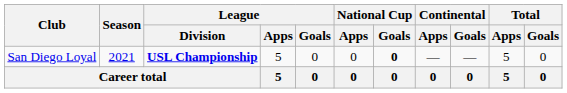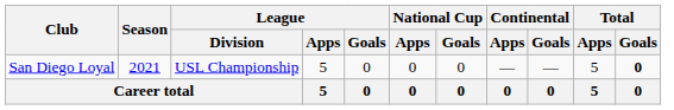 <table class=wikitable style=text-align:center>
 <tr>
 <th rowspan=2>Club</th>
 <th rowspan=2>Season</th>
 <th colspan=3>League</th>
 <th colspan=2>National Cup</th>
 <th colspan=2>Continental</th>
 <th colspan=2>Total</th>
 </tr>
 <tr>
 <th>Division</th>
 <th>Apps</th>
 <th>Goals</th>
 <th>Apps</th>
 <th>Goals</th>
 <th>Apps</th>
 <th>Goals</th>
 <th>Apps</th>
 <th>Goals</th>
 </tr>
 <tr>
 <td rowspan=1><a href='#'>San Diego Loyal</a></td>
 <td><a href='#'>2021</a></td>
-<td><strong><a href='#'>USL Championship</a></strong></td>
+<td><a href='#'>USL Championship</a></td>
 <td>5</td>
 <td>0</td>
 <td>0</td>
-<td><strong>0</strong></td>
+<td>0</td>
 <td>—</td>
 <td>—</td>
 <td>5</td>
-<td>0</td>
+<td><strong>0</strong></td>
 </tr>
 <tr>
 <th colspan=3>Career total</th>
 <th>5</th>
 <th>0</th>
 <th>0</th>
 <th>0</th>
 <th>0</th>
 <th>0</th>
 <th>5</th>
 <th>0</th>
 </tr>
 </table>
